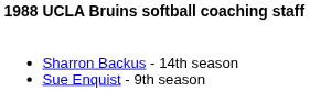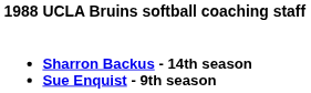 <table class="toccolours">
 <tr>
 <th colspan=9>1988 UCLA Bruins softball coaching staff</th>
 </tr>
 <tr>
-<td style="text-align: left; font-size: 95%;" valign="top"><br><ul><li><a href='#'>Sharron Backus</a> - 14th season</li><li><a href='#'>Sue Enquist</a> - 9th season</li></ul></td>
+<td style="text-align: left; font-size: 95%;" valign="top"><strong><br><ul><li><a href='#'>Sharron Backus</a> - 14th season</li><li><a href='#'>Sue Enquist</a> - 9th season</li></ul></strong></td>
 </tr>
 </table>
